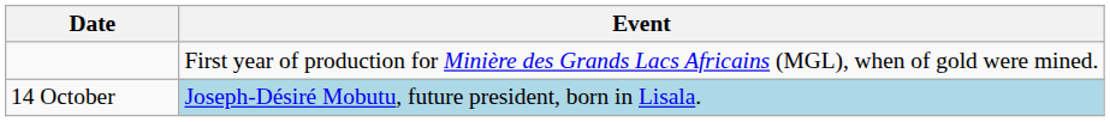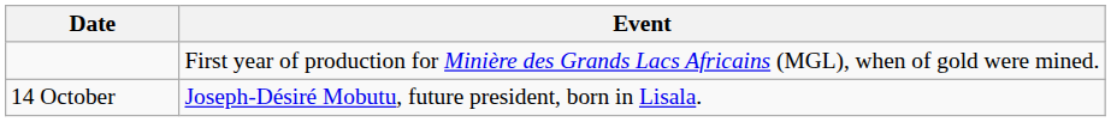 <table class=wikitable>
 <tr>
 <th style="width:7em">Date</th>
 <th>Event</th>
 </tr>
 <tr>
 <td></td>
 <td>First year of production for <em><a href='#'>Minière des Grands Lacs Africains</a></em> (MGL), when  of gold were mined.</td>
 </tr>
 <tr>
 <td>14 October</td>
-<td style="background: lightblue;"><a href='#'>Joseph-Désiré Mobutu</a>, future president, born in <a href='#'>Lisala</a>.</td>
+<td><a href='#'>Joseph-Désiré Mobutu</a>, future president, born in <a href='#'>Lisala</a>.</td>
 </tr>
 </table>
